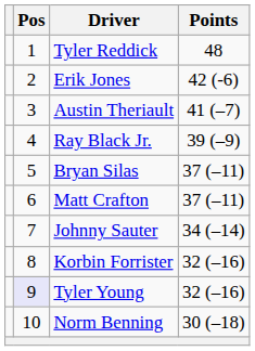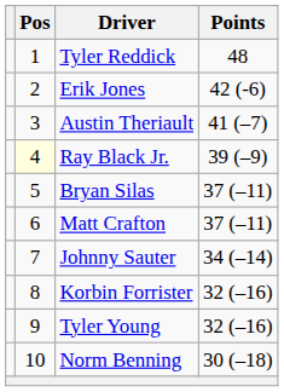 <table class="wikitable" style="font-size: 95%;">
 <tr>
 <th></th>
 <th>Pos</th>
 <th>Driver</th>
 <th>Points</th>
 </tr>
 <tr>
 <td align="left"></td>
 <td style="text-align:center;">1</td>
 <td><a href='#'>Tyler Reddick</a></td>
 <td style="text-align:center;">48</td>
 </tr>
 <tr>
 <td align="left"></td>
 <td style="text-align:center;">2</td>
 <td><a href='#'>Erik Jones</a></td>
 <td style="text-align:center;">42 (-6)</td>
 </tr>
 <tr>
 <td align="left"></td>
 <td style="text-align:center;">3</td>
 <td><a href='#'>Austin Theriault</a></td>
 <td style="text-align:center;">41 (–7)</td>
 </tr>
 <tr>
 <td align="left"></td>
-<td style="text-align:center;">4</td>
+<td style="background: lightyellow; text-align:center;">4</td>
 <td><a href='#'>Ray Black Jr.</a></td>
 <td style="text-align:center;">39 (–9)</td>
 </tr>
 <tr>
 <td align="left"></td>
 <td style="text-align:center;">5</td>
 <td><a href='#'>Bryan Silas</a></td>
 <td style="text-align:center;">37 (–11)</td>
 </tr>
 <tr>
 <td align="left"></td>
 <td style="text-align:center;">6</td>
 <td><a href='#'>Matt Crafton</a></td>
 <td style="text-align:center;">37 (–11)</td>
 </tr>
 <tr>
 <td align="left"></td>
 <td style="text-align:center;">7</td>
 <td><a href='#'>Johnny Sauter</a></td>
 <td style="text-align:center;">34 (–14)</td>
 </tr>
 <tr>
 <td align="left"></td>
 <td style="text-align:center;">8</td>
 <td><a href='#'>Korbin Forrister</a></td>
 <td style="text-align:center;">32 (–16)</td>
 </tr>
 <tr>
 <td align="left"></td>
-<td style="background: lavender; text-align:center;">9</td>
+<td style="text-align:center;">9</td>
 <td><a href='#'>Tyler Young</a></td>
 <td style="text-align:center;">32 (–16)</td>
 </tr>
 <tr>
 <td align="left"></td>
 <td style="text-align:center;">10</td>
 <td><a href='#'>Norm Benning</a></td>
 <td style="text-align:center;">30 (–18)</td>
 </tr>
 <tr>
 <th colspan="9"></th>
 </tr>
 </table>
